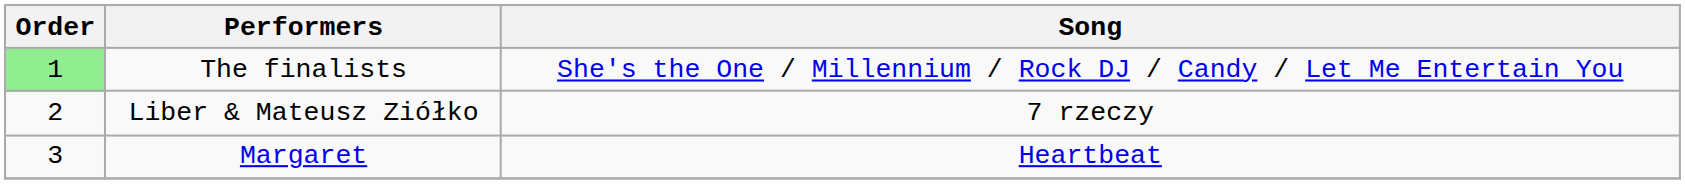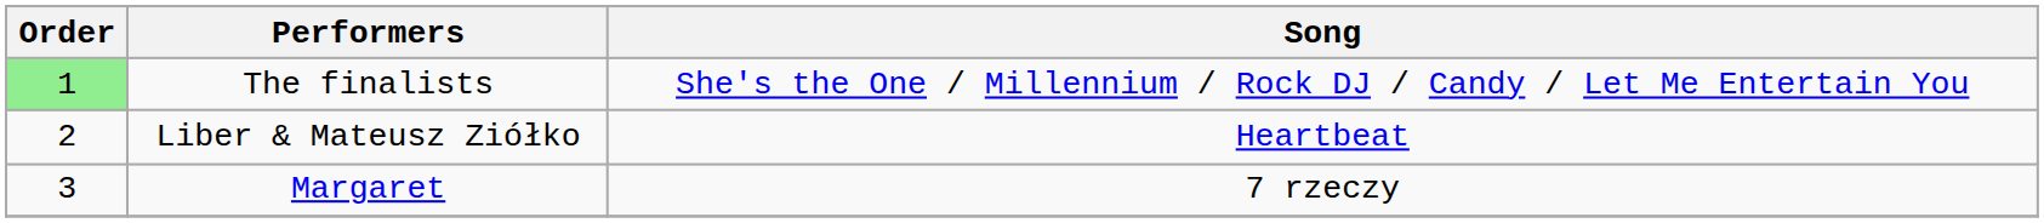 <table class="wikitable" style="text-align:center; width:65%;">
 <tr>
 </tr>
 <tr>
 <th>Order</th>
 <th>Performers</th>
 <th>Song</th>
 </tr>
 <tr>
 <td style="background: lightgreen;">1</td>
 <td>The finalists</td>
 <td><a href='#'>She's the One</a> / <a href='#'>Millennium</a> / <a href='#'>Rock DJ</a> / <a href='#'>Candy</a> / <a href='#'>Let Me Entertain You</a></td>
 </tr>
 <tr>
 <td>2</td>
 <td>Liber & Mateusz Ziółko</td>
-<td>7 rzeczy</td>
+<td><a href='#'>Heartbeat</a></td>
 </tr>
 <tr>
 <td>3</td>
 <td><a href='#'>Margaret</a></td>
-<td><a href='#'>Heartbeat</a></td>
+<td>7 rzeczy</td>
 </tr>
 <tr>
 </tr>
 </table>
